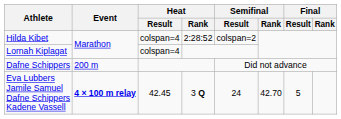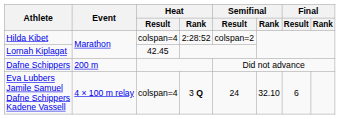 <table class="wikitable" style="font-size:90%">
 <tr>
 <th rowspan="2">Athlete</th>
 <th rowspan="2">Event</th>
 <th colspan="2">Heat</th>
 <th colspan="2">Semifinal</th>
 <th colspan="2">Final</th>
 </tr>
 <tr style="font-size:95%">
 <th>Result</th>
 <th>Rank</th>
 <th>Result</th>
 <th>Rank</th>
 <th>Result</th>
 <th>Rank</th>
 </tr>
 <tr align=center>
 <td align=left><a href='#'>Hilda Kibet</a></td>
 <td align=left rowspan=2><a href='#'>Marathon</a></td>
 <td>colspan=4 </td>
 <td>2:28:52</td>
 <td>colspan=2 </td>
 </tr>
 <tr align=center>
 <td align=left><a href='#'>Lornah Kiplagat</a></td>
-<td>colspan=4 </td>
+<td>42.45</td>
 <td colspan=2></td>
 </tr>
 <tr align=center>
 <td align=left><a href='#'>Dafne Schippers</a></td>
 <td align=left><a href='#'>200 m</a></td>
 <td colspan=2></td>
 <td colspan=4>Did not advance</td>
 </tr>
 <tr align=center>
 <td align=left><a href='#'>Eva Lubbers</a><br><a href='#'>Jamile Samuel</a><br><a href='#'>Dafne Schippers</a><br><a href='#'>Kadene Vassell</a></td>
-<td align=left><strong><a href='#'>4 × 100 m relay</a></strong></td>
-<td>42.45</td>
+<td align=left><a href='#'>4 × 100 m relay</a></td>
+<td>colspan=4 </td>
 <td>3 <strong>Q</strong></td>
 <td>24</td>
-<td>42.70</td>
-<td>5</td>
+<td>32.10</td>
+<td>6</td>
 </tr>
 </table>
